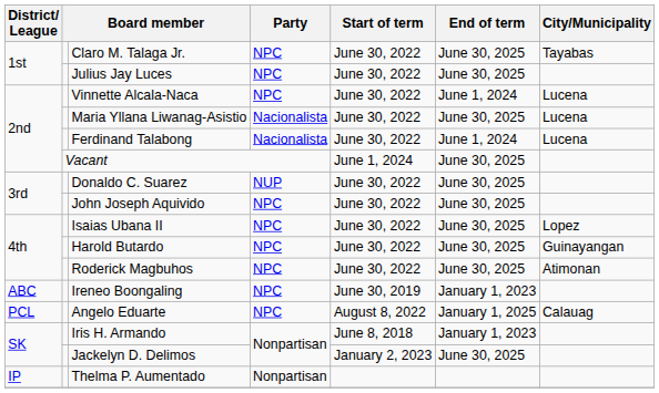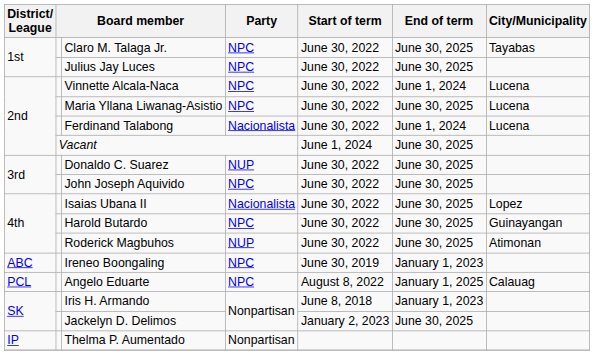 <table class="wikitable">
 <tr>
 <th>District/<br>League</th>
 <th colspan="2">Board member</th>
 <th>Party</th>
 <th>Start of term</th>
 <th>End of term</th>
 <th>City/Municipality</th>
 </tr>
 <tr>
 <td rowspan="2">1st</td>
 <td></td>
 <td>Claro M. Talaga Jr.</td>
 <td><a href='#'>NPC</a></td>
 <td>June 30, 2022</td>
 <td>June 30, 2025</td>
 <td>Tayabas</td>
 </tr>
 <tr>
 <td></td>
 <td>Julius Jay Luces</td>
 <td><a href='#'>NPC</a></td>
 <td>June 30, 2022</td>
 <td>June 30, 2025</td>
 <td></td>
 </tr>
 <tr>
 <td rowspan="4">2nd</td>
 <td></td>
 <td>Vinnette Alcala-Naca</td>
 <td><a href='#'>NPC</a></td>
 <td>June 30, 2022</td>
 <td>June 1, 2024</td>
 <td>Lucena</td>
 </tr>
 <tr>
 <td></td>
 <td>Maria Yllana Liwanag-Asistio</td>
-<td><a href='#'>Nacionalista</a></td>
+<td><a href='#'>NPC</a></td>
 <td>June 30, 2022</td>
 <td>June 30, 2025</td>
 <td>Lucena</td>
 </tr>
 <tr>
 <td></td>
 <td>Ferdinand Talabong</td>
 <td><a href='#'>Nacionalista</a></td>
 <td>June 30, 2022</td>
 <td>June 1, 2024</td>
 <td>Lucena</td>
 </tr>
 <tr>
 <td colspan="3"><em>Vacant</em></td>
 <td>June 1, 2024</td>
 <td>June 30, 2025</td>
 <td></td>
 </tr>
 <tr>
 <td rowspan="2">3rd</td>
 <td></td>
 <td>Donaldo C. Suarez</td>
 <td><a href='#'>NUP</a></td>
 <td>June 30, 2022</td>
 <td>June 30, 2025</td>
 <td></td>
 </tr>
 <tr>
 <td></td>
 <td>John Joseph Aquivido</td>
 <td><a href='#'>NPC</a></td>
 <td>June 30, 2022</td>
 <td>June 30, 2025</td>
 <td></td>
 </tr>
 <tr>
 <td rowspan="3">4th</td>
 <td></td>
 <td>Isaias Ubana II</td>
-<td><a href='#'>NPC</a></td>
+<td><a href='#'>Nacionalista</a></td>
 <td>June 30, 2022</td>
 <td>June 30, 2025</td>
 <td>Lopez</td>
 </tr>
 <tr>
 <td></td>
 <td>Harold Butardo</td>
 <td><a href='#'>NPC</a></td>
 <td>June 30, 2022</td>
 <td>June 30, 2025</td>
 <td>Guinayangan</td>
 </tr>
 <tr>
 <td></td>
 <td>Roderick Magbuhos</td>
-<td><a href='#'>NPC</a></td>
+<td><a href='#'>NUP</a></td>
 <td>June 30, 2022</td>
 <td>June 30, 2025</td>
 <td>Atimonan</td>
 </tr>
 <tr>
 <td><a href='#'>ABC</a></td>
 <td></td>
 <td>Ireneo Boongaling</td>
 <td><a href='#'>NPC</a></td>
 <td>June 30, 2019</td>
 <td>January 1, 2023</td>
 <td></td>
 </tr>
 <tr>
 <td><a href='#'>PCL</a></td>
 <td></td>
 <td>Angelo Eduarte</td>
 <td><a href='#'>NPC</a></td>
 <td>August 8, 2022</td>
 <td>January 1, 2025</td>
 <td>Calauag</td>
 </tr>
 <tr>
 <td rowspan="2"><a href='#'>SK</a></td>
 <td></td>
 <td>Iris H. Armando</td>
 <td rowspan="2">Nonpartisan</td>
 <td>June 8, 2018</td>
 <td>January 1, 2023</td>
 <td></td>
 </tr>
 <tr>
 <td></td>
 <td>Jackelyn D. Delimos</td>
 <td>January 2, 2023</td>
 <td>June 30, 2025</td>
 <td></td>
 </tr>
 <tr>
 <td><a href='#'>IP</a></td>
 <td></td>
 <td>Thelma P. Aumentado</td>
 <td>Nonpartisan</td>
 <td></td>
 <td></td>
 <td></td>
 </tr>
 <tr>
 </tr>
 </table>
